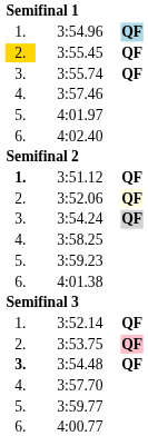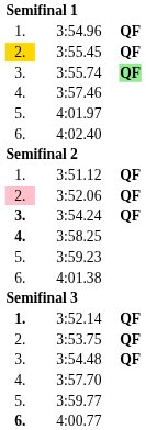 <table style="text-align:center">
 <tr>
 <td colspan=4 align=left><strong>Semifinal 1</strong></td>
 </tr>
 <tr>
 <td width=30>1.</td>
 <td align=left></td>
 <td width=80>3:54.96</td>
-<td style="background: lightblue;"><strong>QF</strong></td>
+<td><strong>QF</strong></td>
 </tr>
 <tr>
 <td style="background: gold;">2.</td>
 <td align=left></td>
 <td>3:55.45</td>
 <td><strong>QF</strong></td>
 </tr>
 <tr>
 <td>3.</td>
 <td align=left></td>
 <td>3:55.74</td>
-<td><strong>QF</strong></td>
+<td style="background: lightgreen;"><strong>QF</strong></td>
 </tr>
 <tr>
 <td>4.</td>
 <td align=left></td>
 <td>3:57.46</td>
 <td></td>
 </tr>
 <tr>
 <td>5.</td>
 <td align=left></td>
 <td>4:01.97</td>
 <td></td>
 </tr>
 <tr>
 <td>6.</td>
 <td align=left></td>
 <td>4:02.40</td>
 <td></td>
 </tr>
 <tr>
 <td colspan=4 align=left><strong>Semifinal 2</strong></td>
 </tr>
 <tr>
-<td><strong>1.</strong></td>
+<td>1.</td>
 <td align=left></td>
 <td>3:51.12</td>
 <td><strong>QF</strong></td>
 </tr>
 <tr>
-<td>2.</td>
+<td style="background: pink;">2.</td>
 <td align=left></td>
 <td>3:52.06</td>
-<td style="background: lightyellow;"><strong>QF</strong></td>
+<td><strong>QF</strong></td>
 </tr>
 <tr>
-<td>3.</td>
+<td><strong>3.</strong></td>
 <td align=left></td>
 <td>3:54.24</td>
-<td style="background: lightgrey;"><strong>QF</strong></td>
+<td><strong>QF</strong></td>
 </tr>
 <tr>
-<td>4.</td>
+<td><strong>4.</strong></td>
 <td align=left></td>
 <td>3:58.25</td>
 <td></td>
 </tr>
 <tr>
 <td>5.</td>
 <td align=left></td>
 <td>3:59.23</td>
 <td></td>
 </tr>
 <tr>
 <td>6.</td>
 <td align=left></td>
 <td>4:01.38</td>
 <td></td>
 </tr>
 <tr>
 <td colspan=4 align=left><strong>Semifinal 3</strong></td>
 </tr>
 <tr>
-<td>1.</td>
+<td><strong>1.</strong></td>
 <td align=left></td>
 <td>3:52.14</td>
 <td><strong>QF</strong></td>
 </tr>
 <tr>
 <td>2.</td>
 <td align=left></td>
 <td>3:53.75</td>
-<td style="background: pink;"><strong>QF</strong></td>
+<td><strong>QF</strong></td>
 </tr>
 <tr>
-<td><strong>3.</strong></td>
+<td>3.</td>
 <td align=left></td>
 <td>3:54.48</td>
 <td><strong>QF</strong></td>
 </tr>
 <tr>
 <td>4.</td>
 <td align=left></td>
 <td>3:57.70</td>
 <td></td>
 </tr>
 <tr>
 <td>5.</td>
 <td align=left></td>
 <td>3:59.77</td>
 <td></td>
 </tr>
 <tr>
-<td>6.</td>
+<td><strong>6.</strong></td>
 <td align=left></td>
 <td>4:00.77</td>
 <td></td>
 </tr>
 </table>
